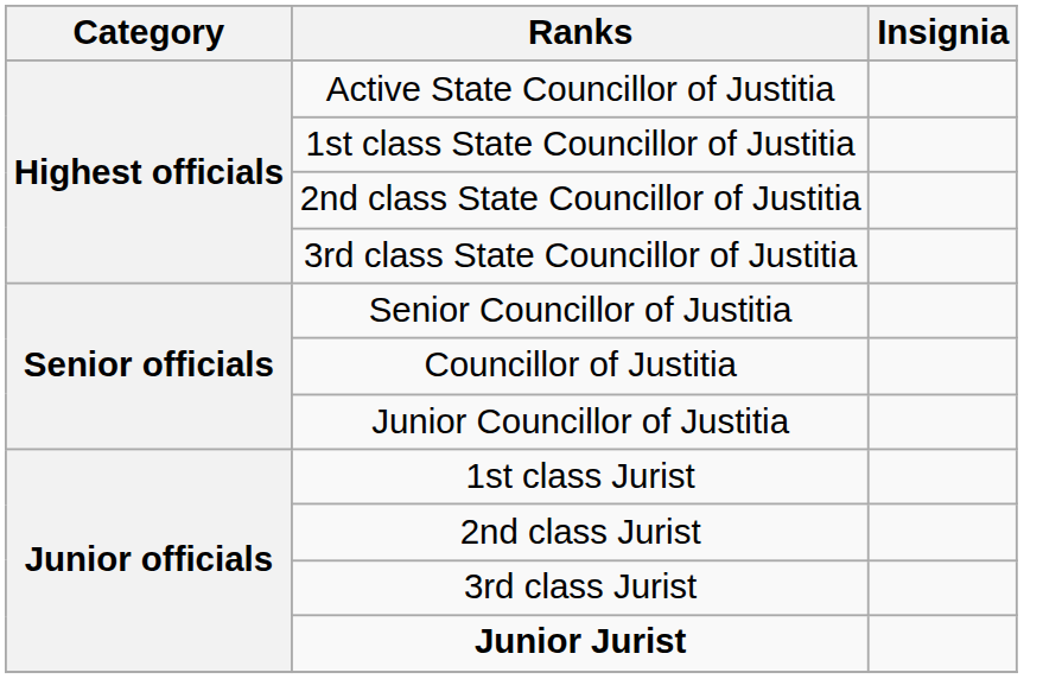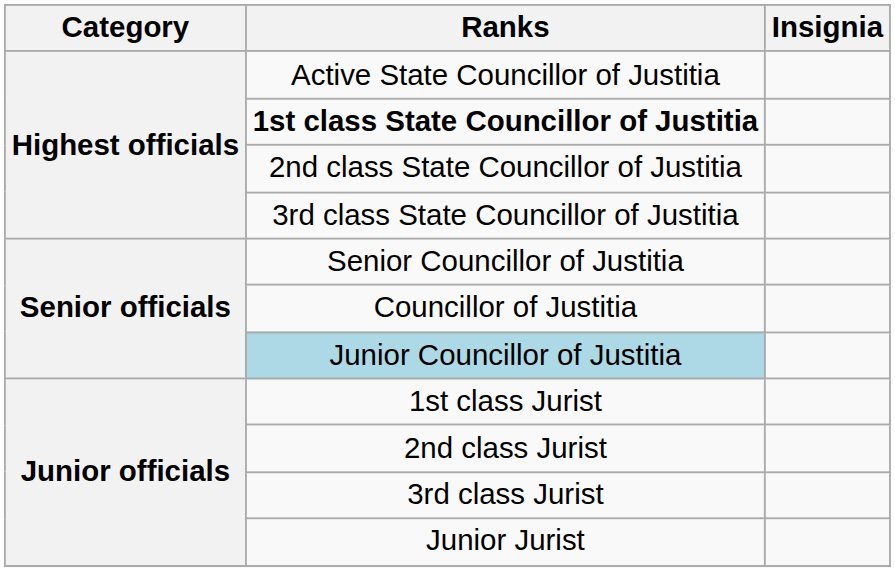 <table class="wikitable" style="text-align:center;">
 <tr>
 <th>Category</th>
 <th>Ranks</th>
 <th>Insignia</th>
 </tr>
 <tr>
 <th rowspan=4>Highest officials</th>
 <td>Active State Councillor of Justitia</td>
 <td></td>
 </tr>
 <tr>
-<td>1st class State Councillor of Justitia</td>
+<td><strong>1st class State Councillor of Justitia</strong></td>
 <td></td>
 </tr>
 <tr>
 <td>2nd class State Councillor of Justitia</td>
 <td></td>
 </tr>
 <tr>
 <td>3rd class State Councillor of Justitia</td>
 <td></td>
 </tr>
 <tr>
 <th rowspan=3>Senior officials</th>
 <td>Senior Councillor of Justitia</td>
 <td></td>
 </tr>
 <tr>
 <td>Councillor of Justitia</td>
 <td></td>
 </tr>
 <tr>
-<td>Junior Councillor of Justitia</td>
+<td style="background: lightblue;">Junior Councillor of Justitia</td>
 <td></td>
 </tr>
 <tr>
 <th rowspan=4>Junior officials</th>
 <td>1st class Jurist</td>
 <td></td>
 </tr>
 <tr>
 <td>2nd class Jurist</td>
 <td></td>
 </tr>
 <tr>
 <td>3rd class Jurist</td>
 <td></td>
 </tr>
 <tr>
-<td><strong>Junior Jurist</strong></td>
+<td>Junior Jurist</td>
 <td></td>
 </tr>
 <tr>
 </tr>
 </table>
